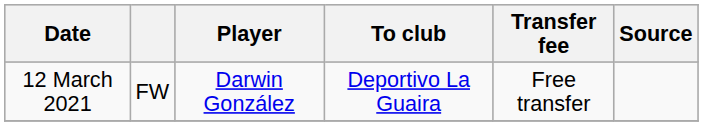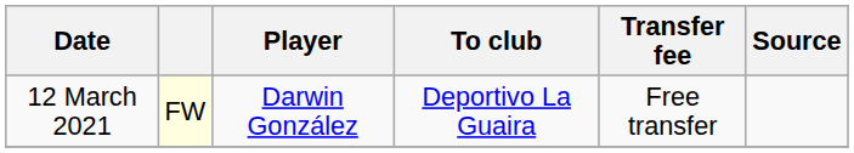 <table class="wikitable sortable" style="width:70%; text-align:center; font-size:85%; text-align:centre;">
 <tr>
 <th>Date</th>
 <th></th>
 <th>Player</th>
 <th>To club</th>
 <th>Transfer fee</th>
 <th>Source</th>
 </tr>
 <tr>
 <td>12 March 2021</td>
-<td>FW</td>
+<td style="background: lightyellow;">FW</td>
 <td> <a href='#'>Darwin González</a></td>
 <td> <a href='#'>Deportivo La Guaira</a></td>
 <td>Free transfer</td>
 <td></td>
 </tr>
 <tr>
 </tr>
 </table>
